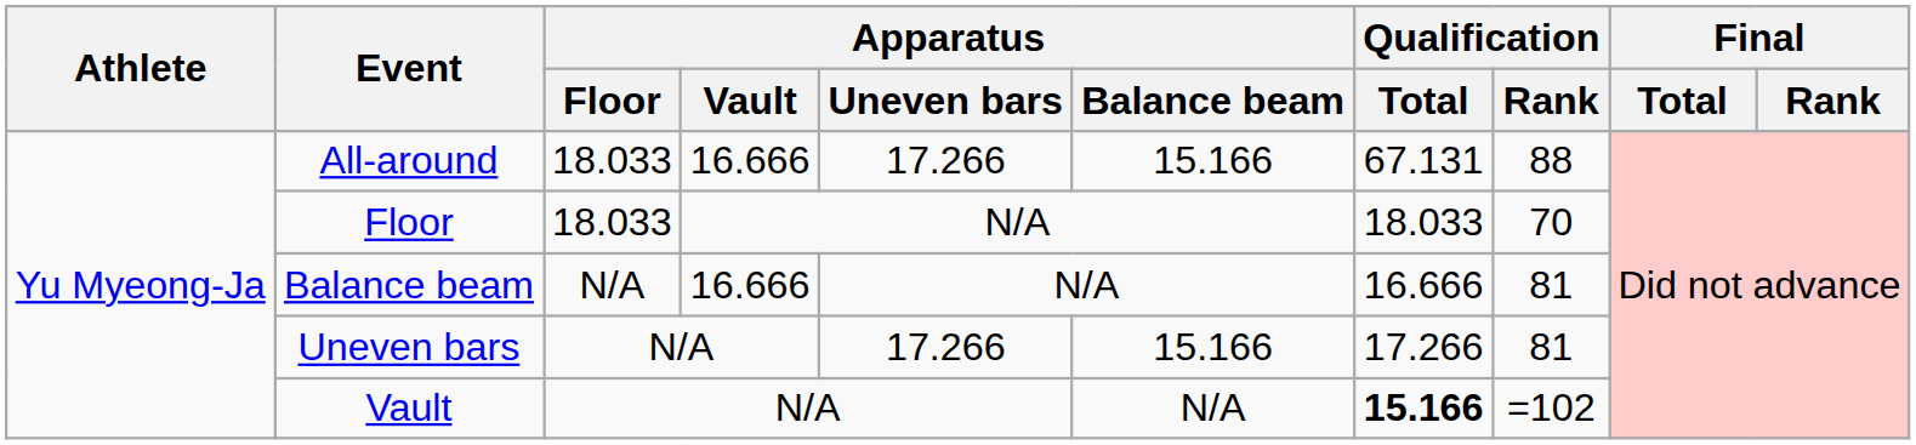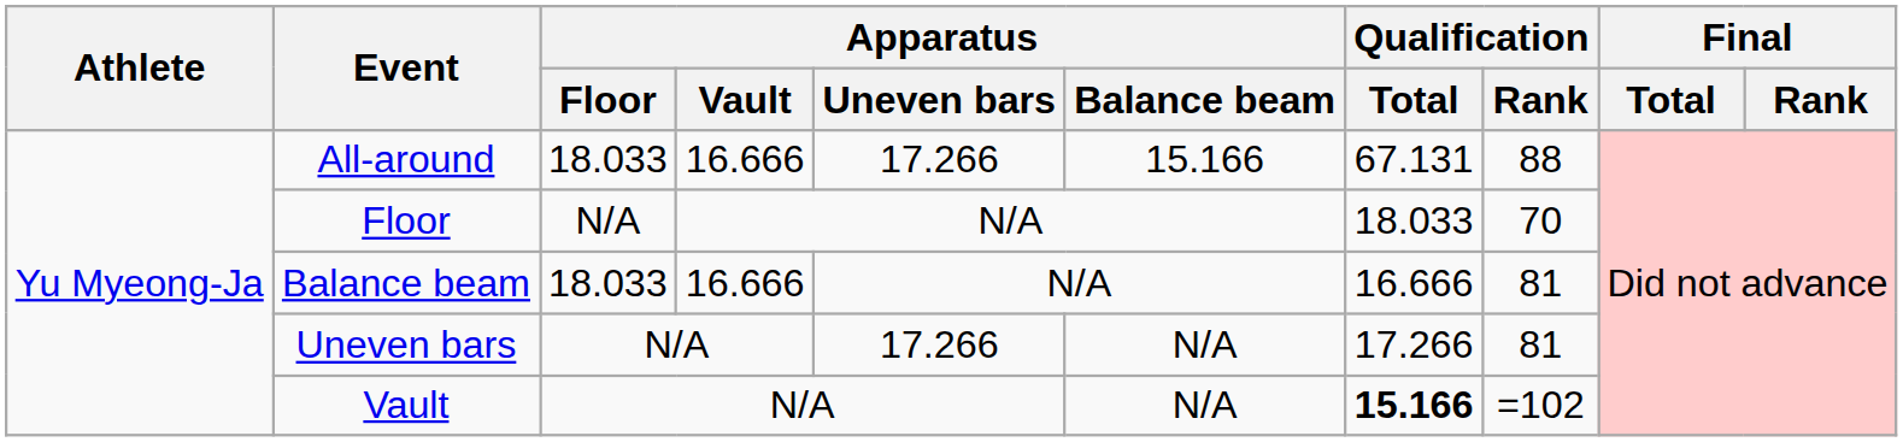 <table class="wikitable" style="font-size:90%; text-align:center;">
 <tr>
 <th rowspan="2">Athlete</th>
 <th rowspan="2">Event</th>
 <th colspan = "4">Apparatus</th>
 <th colspan = "2">Qualification</th>
 <th colspan = "2">Final</th>
 </tr>
 <tr>
 <th>Floor</th>
 <th>Vault</th>
 <th>Uneven bars</th>
 <th>Balance beam</th>
 <th>Total</th>
 <th>Rank</th>
 <th>Total</th>
 <th>Rank</th>
 </tr>
 <tr>
 <td rowspan="5"><a href='#'>Yu Myeong-Ja</a></td>
 <td><a href='#'>All-around</a></td>
 <td>18.033</td>
 <td>16.666</td>
 <td>17.266</td>
 <td>15.166</td>
 <td>67.131</td>
 <td>88</td>
 <td bgcolor="ffcccc" colspan="2" rowspan="5">Did not advance</td>
 </tr>
 <tr>
 <td><a href='#'>Floor</a></td>
-<td>18.033</td>
+<td colspan="1">N/A</td>
 <td colspan="3">N/A</td>
 <td>18.033</td>
 <td>70</td>
 </tr>
 <tr>
 <td><a href='#'>Balance beam</a></td>
-<td colspan="1">N/A</td>
+<td>18.033</td>
 <td>16.666</td>
 <td colspan="2">N/A</td>
 <td>16.666</td>
 <td>81</td>
 </tr>
 <tr>
 <td><a href='#'>Uneven bars</a></td>
 <td colspan="2">N/A</td>
 <td>17.266</td>
-<td>15.166</td>
+<td colspan="1">N/A</td>
 <td>17.266</td>
 <td>81</td>
 </tr>
 <tr>
 <td><a href='#'>Vault</a></td>
 <td colspan="3">N/A</td>
 <td colspan="1">N/A</td>
 <td><strong>15.166</strong></td>
 <td>=102</td>
 </tr>
 </table>
